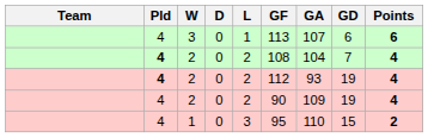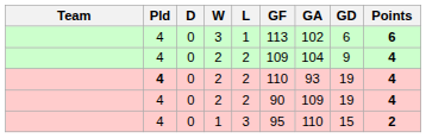 <table class=wikitable style="text-align:center" width=500>
 <tr>
 <th width=25%>Team</th>
 <th width=5%>Pld</th>
+<th width=5%>D</th>
 <th width=5%>W</th>
-<th width=5%>D</th>
 <th width=5%>L</th>
 <th width=5%>GF</th>
 <th width=5%>GA</th>
 <th width=5%>GD</th>
 <th width=8%>Points</th>
 </tr>
 <tr bgcolor="#ccffcc">
 <td align="left"></td>
 <td>4</td>
+<td>0</td>
 <td>3</td>
-<td>0</td>
 <td>1</td>
 <td>113</td>
-<td>107</td>
+<td>102</td>
 <td>6</td>
 <td><strong>6</strong></td>
 </tr>
 <tr bgcolor="#ccffcc">
 <td align="left"></td>
-<td><strong>4</strong></td>
-<td>2</td>
+<td>4</td>
 <td>0</td>
 <td>2</td>
-<td>108</td>
+<td>2</td>
+<td>109</td>
 <td>104</td>
-<td>7</td>
+<td>9</td>
 <td><strong>4</strong></td>
 </tr>
 <tr bgcolor="ffcccc">
 <td align="left"></td>
 <td><strong>4</strong></td>
-<td>2</td>
 <td>0</td>
 <td>2</td>
-<td>112</td>
+<td>2</td>
+<td>110</td>
 <td>93</td>
 <td>19</td>
 <td><strong>4</strong></td>
 </tr>
 <tr bgcolor="ffcccc">
 <td align="left"></td>
 <td>4</td>
+<td>0</td>
 <td>2</td>
-<td>0</td>
 <td>2</td>
 <td>90</td>
 <td>109</td>
 <td>19</td>
 <td><strong>4</strong></td>
 </tr>
 <tr bgcolor="ffcccc">
 <td align="left"></td>
 <td>4</td>
+<td>0</td>
 <td>1</td>
-<td>0</td>
 <td>3</td>
 <td>95</td>
 <td>110</td>
 <td>15</td>
 <td><strong>2</strong></td>
 </tr>
 </table>
